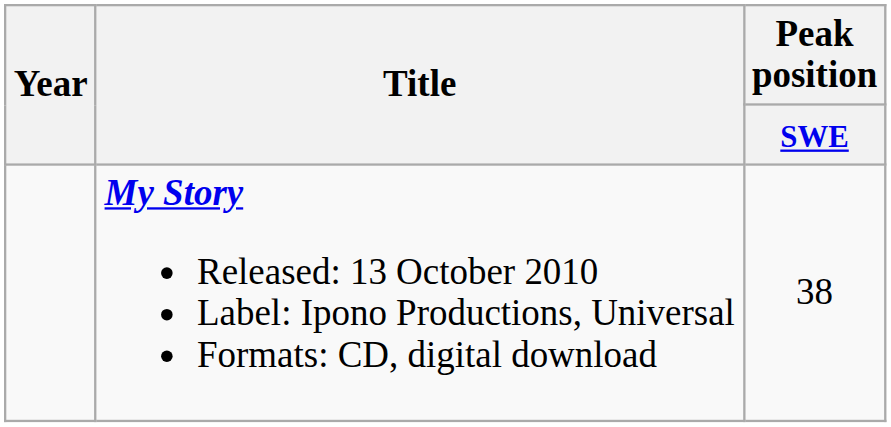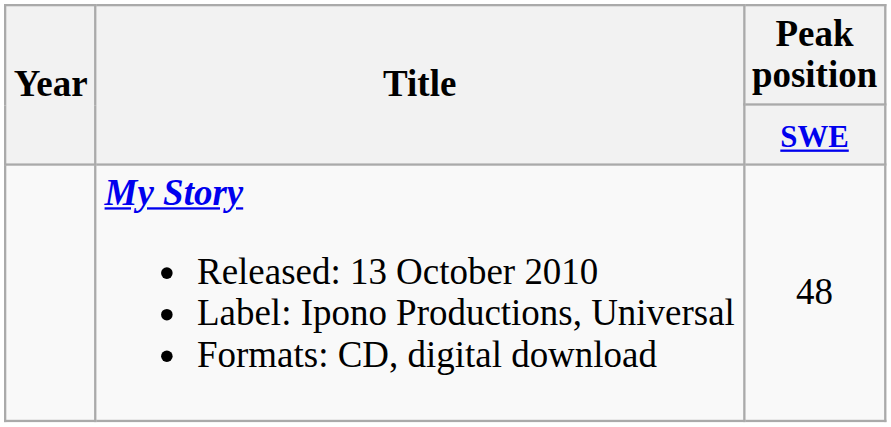 <table class="wikitable">
 <tr>
 <th rowspan="2">Year</th>
 <th rowspan="2">Title</th>
 <th>Peak position</th>
 </tr>
 <tr>
 <th style="width:3em;"><small><a href='#'>SWE</a></small></th>
 </tr>
 <tr>
 <td></td>
 <td><strong><em><a href='#'>My Story</a></em></strong><br><ul><li>Released: 13 October 2010</li><li>Label: Ipono Productions, Universal</li><li>Formats: CD, digital download</li></ul></td>
-<td style="text-align:center;">38</td>
+<td style="text-align:center;">48</td>
 </tr>
 </table>
